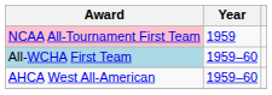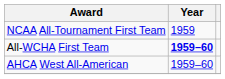 <table class="wikitable">
 <tr>
 <th>Award</th>
 <th>Year</th>
 <th></th>
 </tr>
 <tr>
-<td style="background: pink;"><a href='#'>NCAA</a> <a href='#'>All-Tournament First Team</a></td>
+<td><a href='#'>NCAA</a> <a href='#'>All-Tournament First Team</a></td>
 <td><a href='#'>1959</a></td>
 <td></td>
 </tr>
 <tr>
-<td style="background: lightblue;">All-<a href='#'>WCHA</a> <a href='#'>First Team</a></td>
-<td><a href='#'>1959–60</a></td>
+<td>All-<a href='#'>WCHA</a> <a href='#'>First Team</a></td>
+<td><strong><a href='#'>1959–60</a></strong></td>
 <td></td>
 </tr>
 <tr>
 <td><a href='#'>AHCA</a> <a href='#'>West All-American</a></td>
 <td><a href='#'>1959–60</a></td>
 <td></td>
 </tr>
 <tr>
 </tr>
 </table>
